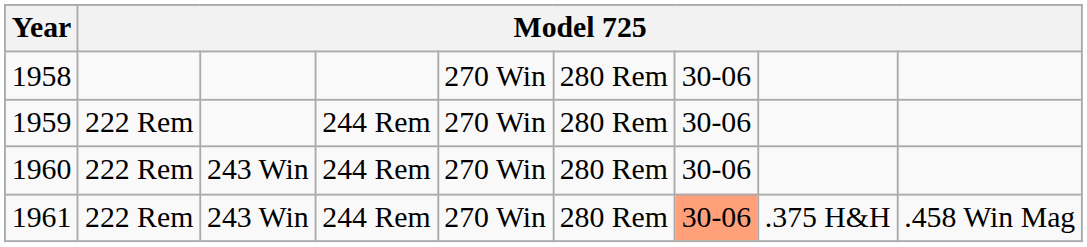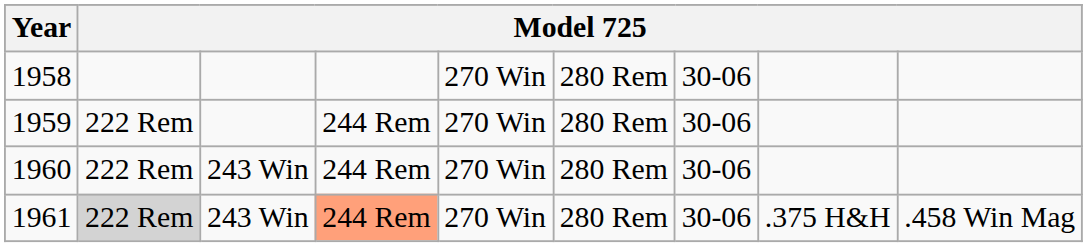 <table class="wikitable">
 <tr>
 <th>Year</th>
 <th colspan="8">Model 725</th>
 </tr>
 <tr>
 <td>1958</td>
 <td></td>
 <td></td>
 <td></td>
 <td>270 Win</td>
 <td>280 Rem</td>
 <td>30-06</td>
 <td></td>
 <td></td>
 </tr>
 <tr>
 <td>1959</td>
 <td>222 Rem</td>
 <td></td>
 <td>244 Rem</td>
 <td>270 Win</td>
 <td>280 Rem</td>
 <td>30-06</td>
 <td></td>
 <td></td>
 </tr>
 <tr>
 <td>1960</td>
 <td>222 Rem</td>
 <td>243 Win</td>
 <td>244 Rem</td>
 <td>270 Win</td>
 <td>280 Rem</td>
 <td>30-06</td>
 <td></td>
 <td></td>
 </tr>
 <tr>
 <td>1961</td>
-<td>222 Rem</td>
+<td style="background: lightgrey;">222 Rem</td>
 <td>243 Win</td>
-<td>244 Rem</td>
+<td style="background: lightsalmon;">244 Rem</td>
 <td>270 Win</td>
 <td>280 Rem</td>
-<td style="background: lightsalmon;">30-06</td>
+<td>30-06</td>
 <td>.375 H&H</td>
 <td>.458 Win Mag</td>
 </tr>
 </table>
